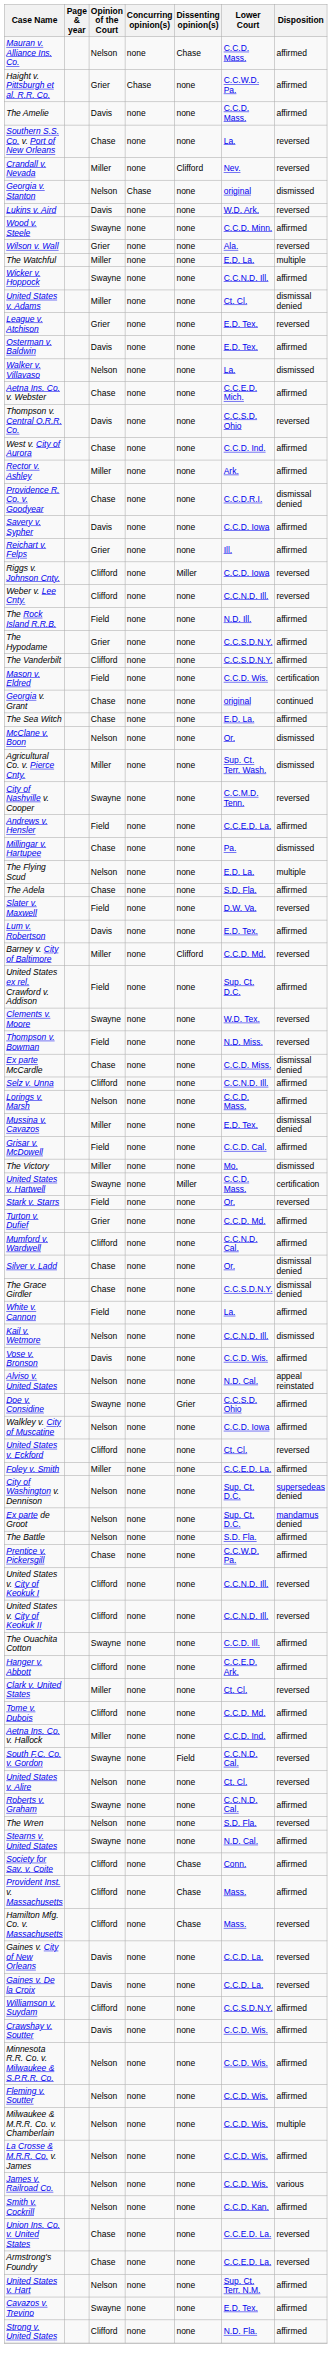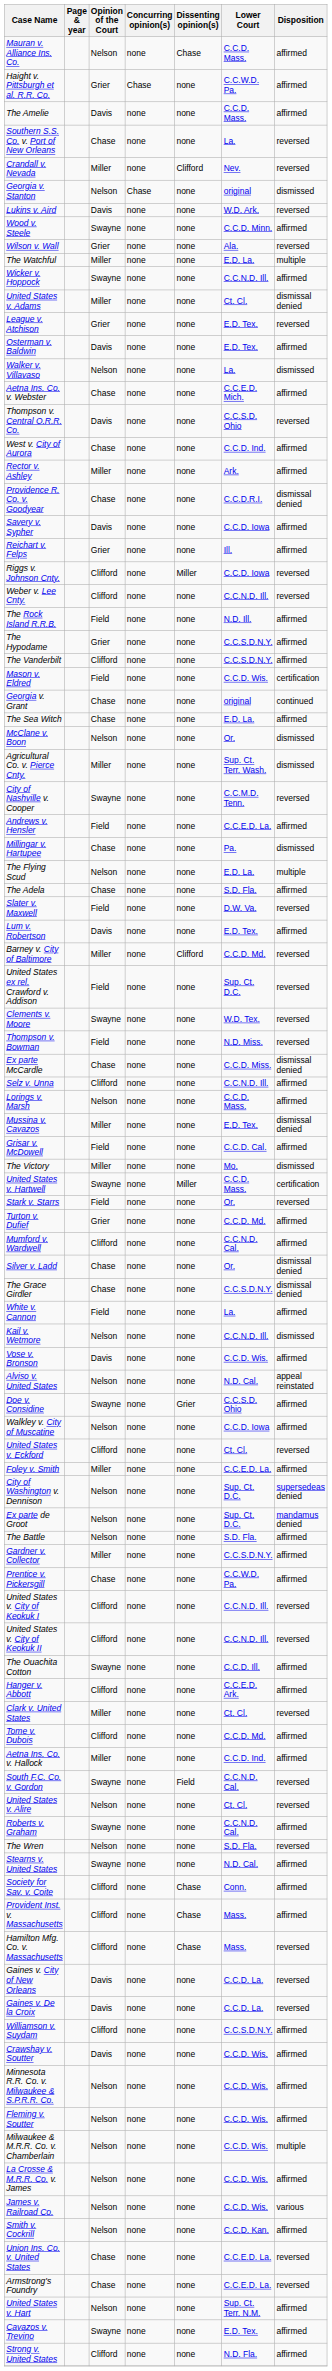 <table class="wikitable sortable">
 <tr>
 <th scope="col" style="width: 380px;">Case Name</th>
 <th scope="col" style="width: 95px;">Page & year</th>
 <th scope="col" style="width: 10px;">Opinion of the Court</th>
 <th scope="col" style="width: 10px;">Concurring opinion(s)</th>
 <th scope="col" style="width: 10px;">Dissenting opinion(s)</th>
 <th scope="col" style="width: 155px;">Lower Court</th>
 <th scope="col" style="width: 133px;">Disposition</th>
 </tr>
 <tr>
 <td><em><a href='#'>Mauran v. Alliance Ins. Co.</a></em></td>
 <td align="right"></td>
 <td>Nelson</td>
 <td>none</td>
 <td>Chase</td>
 <td><a href='#'>C.C.D. Mass.</a></td>
 <td>affirmed</td>
 </tr>
 <tr>
 <td><em>Haight v. <a href='#'>Pittsburgh et al. R.R. Co.</a></em></td>
 <td align="right"></td>
 <td>Grier</td>
 <td>Chase</td>
 <td>none</td>
 <td><a href='#'>C.C.W.D. Pa.</a></td>
 <td>affirmed</td>
 </tr>
 <tr>
 <td><em>The Amelie</em></td>
 <td align="right"></td>
 <td>Davis</td>
 <td>none</td>
 <td>none</td>
 <td><a href='#'>C.C.D. Mass.</a></td>
 <td>affirmed</td>
 </tr>
 <tr>
 <td><em><a href='#'>Southern S.S. Co.</a> v. <a href='#'>Port of New Orleans</a></em></td>
 <td align="right"></td>
 <td>Chase</td>
 <td>none</td>
 <td>none</td>
 <td><a href='#'>La.</a></td>
 <td>reversed</td>
 </tr>
 <tr>
 <td><em><a href='#'>Crandall v. Nevada</a></em></td>
 <td align="right"></td>
 <td>Miller</td>
 <td>none</td>
 <td>Clifford</td>
 <td><a href='#'>Nev.</a></td>
 <td>reversed</td>
 </tr>
 <tr>
 <td><em><a href='#'>Georgia v. Stanton</a></em></td>
 <td align="right"></td>
 <td>Nelson</td>
 <td>Chase</td>
 <td>none</td>
 <td><a href='#'>original</a></td>
 <td>dismissed</td>
 </tr>
 <tr>
 <td><em><a href='#'>Lukins v. Aird</a></em></td>
 <td align="right"></td>
 <td>Davis</td>
 <td>none</td>
 <td>none</td>
 <td><a href='#'>W.D. Ark.</a></td>
 <td>reversed</td>
 </tr>
 <tr>
 <td><em><a href='#'>Wood v. Steele</a></em></td>
 <td align="right"></td>
 <td>Swayne</td>
 <td>none</td>
 <td>none</td>
 <td><a href='#'>C.C.D. Minn.</a></td>
 <td>affirmed</td>
 </tr>
 <tr>
 <td><em><a href='#'>Wilson v. Wall</a></em></td>
 <td align="right"></td>
 <td>Grier</td>
 <td>none</td>
 <td>none</td>
 <td><a href='#'>Ala.</a></td>
 <td>reversed</td>
 </tr>
 <tr>
 <td><em>The Watchful</em></td>
 <td align="right"></td>
 <td>Miller</td>
 <td>none</td>
 <td>none</td>
 <td><a href='#'>E.D. La.</a></td>
 <td>multiple</td>
 </tr>
 <tr>
 <td><em><a href='#'>Wicker v. Hoppock</a></em></td>
 <td align="right"></td>
 <td>Swayne</td>
 <td>none</td>
 <td>none</td>
 <td><a href='#'>C.C.N.D. Ill.</a></td>
 <td>affirmed</td>
 </tr>
 <tr>
 <td><em><a href='#'>United States v. Adams</a></em></td>
 <td align="right"></td>
 <td>Miller</td>
 <td>none</td>
 <td>none</td>
 <td><a href='#'>Ct. Cl.</a></td>
 <td>dismissal denied</td>
 </tr>
 <tr>
 <td><em><a href='#'>League v. Atchison</a></em></td>
 <td align="right"></td>
 <td>Grier</td>
 <td>none</td>
 <td>none</td>
 <td><a href='#'>E.D. Tex.</a></td>
 <td>reversed</td>
 </tr>
 <tr>
 <td><em><a href='#'>Osterman v. Baldwin</a></em></td>
 <td align="right"></td>
 <td>Davis</td>
 <td>none</td>
 <td>none</td>
 <td><a href='#'>E.D. Tex.</a></td>
 <td>affirmed</td>
 </tr>
 <tr>
 <td><em><a href='#'>Walker v. Villavaso</a></em></td>
 <td align="right"></td>
 <td>Nelson</td>
 <td>none</td>
 <td>none</td>
 <td><a href='#'>La.</a></td>
 <td>dismissed</td>
 </tr>
 <tr>
 <td><em><a href='#'>Aetna Ins. Co.</a> v. Webster</em></td>
 <td align="right"></td>
 <td>Chase</td>
 <td>none</td>
 <td>none</td>
 <td><a href='#'>C.C.E.D. Mich.</a></td>
 <td>affirmed</td>
 </tr>
 <tr>
 <td><em>Thompson v. <a href='#'>Central O.R.R. Co.</a></em></td>
 <td align="right"></td>
 <td>Davis</td>
 <td>none</td>
 <td>none</td>
 <td><a href='#'>C.C.S.D. Ohio</a></td>
 <td>reversed</td>
 </tr>
 <tr>
 <td><em>West v. <a href='#'>City of Aurora</a></em></td>
 <td align="right"></td>
 <td>Chase</td>
 <td>none</td>
 <td>none</td>
 <td><a href='#'>C.C.D. Ind.</a></td>
 <td>affirmed</td>
 </tr>
 <tr>
 <td><em><a href='#'>Rector v. Ashley</a></em></td>
 <td align="right"></td>
 <td>Miller</td>
 <td>none</td>
 <td>none</td>
 <td><a href='#'>Ark.</a></td>
 <td>affirmed</td>
 </tr>
 <tr>
 <td><em><a href='#'>Providence R. Co. v. Goodyear</a></em></td>
 <td align="right"></td>
 <td>Chase</td>
 <td>none</td>
 <td>none</td>
 <td><a href='#'>C.C.D.R.I.</a></td>
 <td>dismissal denied</td>
 </tr>
 <tr>
 <td><em><a href='#'>Savery v. Sypher</a></em></td>
 <td align="right"></td>
 <td>Davis</td>
 <td>none</td>
 <td>none</td>
 <td><a href='#'>C.C.D. Iowa</a></td>
 <td>affirmed</td>
 </tr>
 <tr>
 <td><em><a href='#'>Reichart v. Felps</a></em></td>
 <td align="right"></td>
 <td>Grier</td>
 <td>none</td>
 <td>none</td>
 <td><a href='#'>Ill.</a></td>
 <td>affirmed</td>
 </tr>
 <tr>
 <td><em>Riggs v. <a href='#'>Johnson Cnty.</a></em></td>
 <td align="right"></td>
 <td>Clifford</td>
 <td>none</td>
 <td>Miller</td>
 <td><a href='#'>C.C.D. Iowa</a></td>
 <td>reversed</td>
 </tr>
 <tr>
 <td><em>Weber v. <a href='#'>Lee Cnty.</a></em></td>
 <td align="right"></td>
 <td>Clifford</td>
 <td>none</td>
 <td>none</td>
 <td><a href='#'>C.C.N.D. Ill.</a></td>
 <td>reversed</td>
 </tr>
 <tr>
 <td><em>The <a href='#'>Rock Island R.R.B.</a></em></td>
 <td align="right"></td>
 <td>Field</td>
 <td>none</td>
 <td>none</td>
 <td><a href='#'>N.D. Ill.</a></td>
 <td>affirmed</td>
 </tr>
 <tr>
 <td><em>The Hypodame</em></td>
 <td align="right"></td>
 <td>Grier</td>
 <td>none</td>
 <td>none</td>
 <td><a href='#'>C.C.S.D.N.Y.</a></td>
 <td>affirmed</td>
 </tr>
 <tr>
 <td><em>The Vanderbilt</em></td>
 <td align="right"></td>
 <td>Clifford</td>
 <td>none</td>
 <td>none</td>
 <td><a href='#'>C.C.S.D.N.Y.</a></td>
 <td>affirmed</td>
 </tr>
 <tr>
 <td><em><a href='#'>Mason v. Eldred</a></em></td>
 <td align="right"></td>
 <td>Field</td>
 <td>none</td>
 <td>none</td>
 <td><a href='#'>C.C.D. Wis.</a></td>
 <td>certification</td>
 </tr>
 <tr>
 <td><em><a href='#'>Georgia</a> v. Grant</em></td>
 <td align="right"></td>
 <td>Chase</td>
 <td>none</td>
 <td>none</td>
 <td><a href='#'>original</a></td>
 <td>continued</td>
 </tr>
 <tr>
 <td><em>The Sea Witch</em></td>
 <td align="right"></td>
 <td>Chase</td>
 <td>none</td>
 <td>none</td>
 <td><a href='#'>E.D. La.</a></td>
 <td>affirmed</td>
 </tr>
 <tr>
 <td><em><a href='#'>McClane v. Boon</a></em></td>
 <td align="right"></td>
 <td>Nelson</td>
 <td>none</td>
 <td>none</td>
 <td><a href='#'>Or.</a></td>
 <td>dismissed</td>
 </tr>
 <tr>
 <td><em>Agricultural Co. v. <a href='#'>Pierce Cnty.</a></em></td>
 <td align="right"></td>
 <td>Miller</td>
 <td>none</td>
 <td>none</td>
 <td><a href='#'>Sup. Ct. Terr. Wash.</a></td>
 <td>dismissed</td>
 </tr>
 <tr>
 <td><em><a href='#'>City of Nashville</a> v. Cooper</em></td>
 <td align="right"></td>
 <td>Swayne</td>
 <td>none</td>
 <td>none</td>
 <td><a href='#'>C.C.M.D. Tenn.</a></td>
 <td>reversed</td>
 </tr>
 <tr>
 <td><em><a href='#'>Andrews v. Hensler</a></em></td>
 <td align="right"></td>
 <td>Field</td>
 <td>none</td>
 <td>none</td>
 <td><a href='#'>C.C.E.D. La.</a></td>
 <td>affirmed</td>
 </tr>
 <tr>
 <td><em><a href='#'>Millingar v. Hartupee</a></em></td>
 <td align="right"></td>
 <td>Chase</td>
 <td>none</td>
 <td>none</td>
 <td><a href='#'>Pa.</a></td>
 <td>dismissed</td>
 </tr>
 <tr>
 <td><em>The Flying Scud</em></td>
 <td align="right"></td>
 <td>Nelson</td>
 <td>none</td>
 <td>none</td>
 <td><a href='#'>E.D. La.</a></td>
 <td>multiple</td>
 </tr>
 <tr>
 <td><em>The Adela</em></td>
 <td align="right"></td>
 <td>Chase</td>
 <td>none</td>
 <td>none</td>
 <td><a href='#'>S.D. Fla.</a></td>
 <td>affirmed</td>
 </tr>
 <tr>
 <td><em><a href='#'>Slater v. Maxwell</a></em></td>
 <td align="right"></td>
 <td>Field</td>
 <td>none</td>
 <td>none</td>
 <td><a href='#'>D.W. Va.</a></td>
 <td>reversed</td>
 </tr>
 <tr>
 <td><em><a href='#'>Lum v. Robertson</a></em></td>
 <td align="right"></td>
 <td>Davis</td>
 <td>none</td>
 <td>none</td>
 <td><a href='#'>E.D. Tex.</a></td>
 <td>affirmed</td>
 </tr>
 <tr>
 <td><em>Barney v. <a href='#'>City of Baltimore</a></em></td>
 <td align="right"></td>
 <td>Miller</td>
 <td>none</td>
 <td>Clifford</td>
 <td><a href='#'>C.C.D. Md.</a></td>
 <td>reversed</td>
 </tr>
 <tr>
 <td><em>United States <a href='#'>ex rel.</a> Crawford v. Addison</em></td>
 <td align="right"></td>
 <td>Field</td>
 <td>none</td>
 <td>none</td>
 <td><a href='#'>Sup. Ct. D.C.</a></td>
-<td>affirmed</td>
+<td>reversed</td>
 </tr>
 <tr>
 <td><em><a href='#'>Clements v. Moore</a></em></td>
 <td align="right"></td>
 <td>Swayne</td>
 <td>none</td>
 <td>none</td>
 <td><a href='#'>W.D. Tex.</a></td>
 <td>reversed</td>
 </tr>
 <tr>
 <td><em><a href='#'>Thompson v. Bowman</a></em></td>
 <td align="right"></td>
 <td>Field</td>
 <td>none</td>
 <td>none</td>
 <td><a href='#'>N.D. Miss.</a></td>
 <td>reversed</td>
 </tr>
 <tr>
 <td><em><a href='#'>Ex parte</a> McCardle</em></td>
 <td align="right"></td>
 <td>Chase</td>
 <td>none</td>
 <td>none</td>
 <td><a href='#'>C.C.D. Miss.</a></td>
 <td>dismissal denied</td>
 </tr>
 <tr>
 <td><em><a href='#'>Selz v. Unna</a></em></td>
 <td align="right"></td>
 <td>Clifford</td>
 <td>none</td>
 <td>none</td>
 <td><a href='#'>C.C.N.D. Ill.</a></td>
 <td>affirmed</td>
 </tr>
 <tr>
 <td><em><a href='#'>Lorings v. Marsh</a></em></td>
 <td align="right"></td>
 <td>Nelson</td>
 <td>none</td>
 <td>none</td>
 <td><a href='#'>C.C.D. Mass.</a></td>
 <td>affirmed</td>
 </tr>
 <tr>
 <td><em><a href='#'>Mussina v. Cavazos</a></em></td>
 <td align="right"></td>
 <td>Miller</td>
 <td>none</td>
 <td>none</td>
 <td><a href='#'>E.D. Tex.</a></td>
 <td>dismissal denied</td>
 </tr>
 <tr>
 <td><em><a href='#'>Grisar v. McDowell</a></em></td>
 <td align="right"></td>
 <td>Field</td>
 <td>none</td>
 <td>none</td>
 <td><a href='#'>C.C.D. Cal.</a></td>
 <td>affirmed</td>
 </tr>
 <tr>
 <td><em>The Victory</em></td>
 <td align="right"></td>
 <td>Miller</td>
 <td>none</td>
 <td>none</td>
 <td><a href='#'>Mo.</a></td>
 <td>dismissed</td>
 </tr>
 <tr>
 <td><em><a href='#'>United States v. Hartwell</a></em></td>
 <td align="right"></td>
 <td>Swayne</td>
 <td>none</td>
 <td>Miller</td>
 <td><a href='#'>C.C.D. Mass.</a></td>
 <td>certification</td>
 </tr>
 <tr>
 <td><em><a href='#'>Stark v. Starrs</a></em></td>
 <td align="right"></td>
 <td>Field</td>
 <td>none</td>
 <td>none</td>
 <td><a href='#'>Or.</a></td>
 <td>reversed</td>
 </tr>
 <tr>
 <td><em><a href='#'>Turton v. Dufief</a></em></td>
 <td align="right"></td>
 <td>Grier</td>
 <td>none</td>
 <td>none</td>
 <td><a href='#'>C.C.D. Md.</a></td>
 <td>affirmed</td>
 </tr>
 <tr>
 <td><em><a href='#'>Mumford v. Wardwell</a></em></td>
 <td align="right"></td>
 <td>Clifford</td>
 <td>none</td>
 <td>none</td>
 <td><a href='#'>C.C.N.D. Cal.</a></td>
 <td>affirmed</td>
 </tr>
 <tr>
 <td><em><a href='#'>Silver v. Ladd</a></em></td>
 <td align="right"></td>
 <td>Chase</td>
 <td>none</td>
 <td>none</td>
 <td><a href='#'>Or.</a></td>
 <td>dismissal denied</td>
 </tr>
 <tr>
 <td><em>The Grace Girdler</em></td>
 <td align="right"></td>
 <td>Chase</td>
 <td>none</td>
 <td>none</td>
 <td><a href='#'>C.C.S.D.N.Y.</a></td>
 <td>dismissal denied</td>
 </tr>
 <tr>
 <td><em><a href='#'>White v. Cannon</a></em></td>
 <td align="right"></td>
 <td>Field</td>
 <td>none</td>
 <td>none</td>
 <td><a href='#'>La.</a></td>
 <td>affirmed</td>
 </tr>
 <tr>
 <td><em><a href='#'>Kail v. Wetmore</a></em></td>
 <td align="right"></td>
 <td>Nelson</td>
 <td>none</td>
 <td>none</td>
 <td><a href='#'>C.C.N.D. Ill.</a></td>
 <td>dismissed</td>
 </tr>
 <tr>
 <td><em><a href='#'>Vose v. Bronson</a></em></td>
 <td align="right"></td>
 <td>Davis</td>
 <td>none</td>
 <td>none</td>
 <td><a href='#'>C.C.D. Wis.</a></td>
 <td>affirmed</td>
 </tr>
 <tr>
 <td><em><a href='#'>Alviso v. United States</a></em></td>
 <td align="right"></td>
 <td>Nelson</td>
 <td>none</td>
 <td>none</td>
 <td><a href='#'>N.D. Cal.</a></td>
 <td>appeal reinstated</td>
 </tr>
 <tr>
 <td><em><a href='#'>Doe v. Considine</a></em></td>
 <td align="right"></td>
 <td>Swayne</td>
 <td>none</td>
 <td>Grier</td>
 <td><a href='#'>C.C.S.D. Ohio</a></td>
 <td>affirmed</td>
 </tr>
 <tr>
 <td><em>Walkley v. <a href='#'>City of Muscatine</a></em></td>
 <td align="right"></td>
 <td>Nelson</td>
 <td>none</td>
 <td>none</td>
 <td><a href='#'>C.C.D. Iowa</a></td>
 <td>affirmed</td>
 </tr>
 <tr>
 <td><em><a href='#'>United States v. Eckford</a></em></td>
 <td align="right"></td>
 <td>Clifford</td>
 <td>none</td>
 <td>none</td>
 <td><a href='#'>Ct. Cl.</a></td>
 <td>reversed</td>
 </tr>
 <tr>
 <td><em><a href='#'>Foley v. Smith</a></em></td>
 <td align="right"></td>
 <td>Miller</td>
 <td>none</td>
 <td>none</td>
 <td><a href='#'>C.C.E.D. La.</a></td>
 <td>affirmed</td>
 </tr>
 <tr>
 <td><em><a href='#'>City of Washington</a> v. Dennison</em></td>
 <td align="right"></td>
 <td>Nelson</td>
 <td>none</td>
 <td>none</td>
 <td><a href='#'>Sup. Ct. D.C.</a></td>
 <td><a href='#'>supersedeas</a> denied</td>
 </tr>
 <tr>
 <td><em><a href='#'>Ex parte</a> de Groot</em></td>
 <td align="right"></td>
 <td>Nelson</td>
 <td>none</td>
 <td>none</td>
 <td><a href='#'>Sup. Ct. D.C.</a></td>
 <td><a href='#'>mandamus</a> denied</td>
 </tr>
 <tr>
 <td><em>The Battle</em></td>
 <td align="right"></td>
 <td>Nelson</td>
 <td>none</td>
 <td>none</td>
 <td><a href='#'>S.D. Fla.</a></td>
+<td>affirmed</td>
+</tr>
+<tr>
+<td><em><a href='#'>Gardner v. Collector</a></em></td>
+<td align="right"></td>
+<td>Miller</td>
+<td>none</td>
+<td>none</td>
+<td><a href='#'>C.C.S.D.N.Y.</a></td>
 <td>affirmed</td>
 </tr>
 <tr>
 <td><em><a href='#'>Prentice v. Pickersgill</a></em></td>
 <td align="right"></td>
 <td>Chase</td>
 <td>none</td>
 <td>none</td>
 <td><a href='#'>C.C.W.D. Pa.</a></td>
 <td>affirmed</td>
 </tr>
 <tr>
 <td><em>United States v. <a href='#'>City of Keokuk I</a></em></td>
 <td align="right"></td>
 <td>Clifford</td>
 <td>none</td>
 <td>none</td>
 <td><a href='#'>C.C.N.D. Ill.</a></td>
 <td>reversed</td>
 </tr>
 <tr>
 <td><em>United States v. <a href='#'>City of Keokuk II</a></em></td>
 <td align="right"></td>
 <td>Clifford</td>
 <td>none</td>
 <td>none</td>
 <td><a href='#'>C.C.N.D. Ill.</a></td>
 <td>reversed</td>
 </tr>
 <tr>
 <td><em>The Ouachita Cotton</em></td>
 <td align="right"></td>
 <td>Swayne</td>
 <td>none</td>
 <td>none</td>
 <td><a href='#'>C.C.D. Ill.</a></td>
 <td>affirmed</td>
 </tr>
 <tr>
 <td><em><a href='#'>Hanger v. Abbott</a></em></td>
 <td align="right"></td>
 <td>Clifford</td>
 <td>none</td>
 <td>none</td>
 <td><a href='#'>C.C.E.D. Ark.</a></td>
 <td>affirmed</td>
 </tr>
 <tr>
 <td><em><a href='#'>Clark v. United States</a></em></td>
 <td align="right"></td>
 <td>Miller</td>
 <td>none</td>
 <td>none</td>
 <td><a href='#'>Ct. Cl.</a></td>
 <td>reversed</td>
 </tr>
 <tr>
 <td><em><a href='#'>Tome v. Dubois</a></em></td>
 <td align="right"></td>
 <td>Clifford</td>
 <td>none</td>
 <td>none</td>
 <td><a href='#'>C.C.D. Md.</a></td>
 <td>affirmed</td>
 </tr>
 <tr>
 <td><em><a href='#'>Aetna Ins. Co.</a> v. Hallock</em></td>
 <td align="right"></td>
 <td>Miller</td>
 <td>none</td>
 <td>none</td>
 <td><a href='#'>C.C.D. Ind.</a></td>
 <td>affirmed</td>
 </tr>
 <tr>
 <td><em><a href='#'>South F.C. Co. v. Gordon</a></em></td>
 <td align="right"></td>
 <td>Swayne</td>
 <td>none</td>
 <td>Field</td>
 <td><a href='#'>C.C.N.D. Cal.</a></td>
 <td>reversed</td>
 </tr>
 <tr>
 <td><em><a href='#'>United States v. Alire</a></em></td>
 <td align="right"></td>
 <td>Nelson</td>
 <td>none</td>
 <td>none</td>
 <td><a href='#'>Ct. Cl.</a></td>
 <td>reversed</td>
 </tr>
 <tr>
 <td><em><a href='#'>Roberts v. Graham</a></em></td>
 <td align="right"></td>
 <td>Swayne</td>
 <td>none</td>
 <td>none</td>
 <td><a href='#'>C.C.N.D. Cal.</a></td>
 <td>affirmed</td>
 </tr>
 <tr>
 <td><em>The Wren</em></td>
 <td align="right"></td>
 <td>Nelson</td>
 <td>none</td>
 <td>none</td>
 <td><a href='#'>S.D. Fla.</a></td>
 <td>reversed</td>
 </tr>
 <tr>
 <td><em><a href='#'>Stearns v. United States</a></em></td>
 <td align="right"></td>
 <td>Swayne</td>
 <td>none</td>
 <td>none</td>
 <td><a href='#'>N.D. Cal.</a></td>
 <td>affirmed</td>
 </tr>
 <tr>
 <td><em><a href='#'>Society for Sav. v. Coite</a></em></td>
 <td align="right"></td>
 <td>Clifford</td>
 <td>none</td>
 <td>Chase</td>
 <td><a href='#'>Conn.</a></td>
 <td>affirmed</td>
 </tr>
 <tr>
 <td><em><a href='#'>Provident Inst.</a> v. <a href='#'>Massachusetts</a></em></td>
 <td align="right"></td>
 <td>Clifford</td>
 <td>none</td>
 <td>Chase</td>
 <td><a href='#'>Mass.</a></td>
 <td>affirmed</td>
 </tr>
 <tr>
 <td><em>Hamilton Mfg. Co. v. <a href='#'>Massachusetts</a></em></td>
 <td align="right"></td>
 <td>Clifford</td>
 <td>none</td>
 <td>Chase</td>
 <td><a href='#'>Mass.</a></td>
 <td>reversed</td>
 </tr>
 <tr>
 <td><em>Gaines v. <a href='#'>City of New Orleans</a></em></td>
 <td align="right"></td>
 <td>Davis</td>
 <td>none</td>
 <td>none</td>
 <td><a href='#'>C.C.D. La.</a></td>
 <td>reversed</td>
 </tr>
 <tr>
 <td><em><a href='#'>Gaines v. De la Croix</a></em></td>
 <td align="right"></td>
 <td>Davis</td>
 <td>none</td>
 <td>none</td>
 <td><a href='#'>C.C.D. La.</a></td>
 <td>reversed</td>
 </tr>
 <tr>
 <td><em><a href='#'>Williamson v. Suydam</a></em></td>
 <td align="right"></td>
 <td>Clifford</td>
 <td>none</td>
 <td>none</td>
 <td><a href='#'>C.C.S.D.N.Y.</a></td>
 <td>affirmed</td>
 </tr>
 <tr>
 <td><em><a href='#'>Crawshay v. Soutter</a></em></td>
 <td align="right"></td>
 <td>Davis</td>
 <td>none</td>
 <td>none</td>
 <td><a href='#'>C.C.D. Wis.</a></td>
 <td>affirmed</td>
 </tr>
 <tr>
 <td><em>Minnesota R.R. Co. v. <a href='#'>Milwaukee & S.P.R.R. Co.</a></em></td>
 <td align="right"></td>
 <td>Nelson</td>
 <td>none</td>
 <td>none</td>
 <td><a href='#'>C.C.D. Wis.</a></td>
 <td>affirmed</td>
 </tr>
 <tr>
 <td><em><a href='#'>Fleming v. Soutter</a></em></td>
 <td align="right"></td>
 <td>Nelson</td>
 <td>none</td>
 <td>none</td>
 <td><a href='#'>C.C.D. Wis.</a></td>
 <td>affirmed</td>
 </tr>
 <tr>
 <td><em>Milwaukee & M.R.R. Co. v. Chamberlain</em></td>
 <td align="right"></td>
 <td>Nelson</td>
 <td>none</td>
 <td>none</td>
 <td><a href='#'>C.C.D. Wis.</a></td>
 <td>multiple</td>
 </tr>
 <tr>
 <td><em><a href='#'>La Crosse & M.R.R. Co.</a> v. James</em></td>
 <td align="right"></td>
 <td>Nelson</td>
 <td>none</td>
 <td>none</td>
 <td><a href='#'>C.C.D. Wis.</a></td>
 <td>affirmed</td>
 </tr>
 <tr>
 <td><em><a href='#'>James v. Railroad Co.</a></em></td>
 <td align="right"></td>
 <td>Nelson</td>
 <td>none</td>
 <td>none</td>
 <td><a href='#'>C.C.D. Wis.</a></td>
 <td>various</td>
 </tr>
 <tr>
 <td><em><a href='#'>Smith v. Cockrill</a></em></td>
 <td align="right"></td>
 <td>Nelson</td>
 <td>none</td>
 <td>none</td>
 <td><a href='#'>C.C.D. Kan.</a></td>
 <td>affirmed</td>
 </tr>
 <tr>
 <td><em><a href='#'>Union Ins. Co. v. United States</a></em></td>
 <td align="right"></td>
 <td>Chase</td>
 <td>none</td>
 <td>none</td>
 <td><a href='#'>C.C.E.D. La.</a></td>
 <td>reversed</td>
 </tr>
 <tr>
 <td><em>Armstrong's Foundry</em></td>
 <td align="right"></td>
 <td>Chase</td>
 <td>none</td>
 <td>none</td>
 <td><a href='#'>C.C.E.D. La.</a></td>
 <td>reversed</td>
 </tr>
 <tr>
 <td><em><a href='#'>United States v. Hart</a></em></td>
 <td align="right"></td>
 <td>Nelson</td>
 <td>none</td>
 <td>none</td>
 <td><a href='#'>Sup. Ct. Terr. N.M.</a></td>
 <td>affirmed</td>
 </tr>
 <tr>
 <td><em><a href='#'>Cavazos v. Trevino</a></em></td>
 <td align="right"></td>
 <td>Swayne</td>
 <td>none</td>
 <td>none</td>
 <td><a href='#'>E.D. Tex.</a></td>
 <td>affirmed</td>
 </tr>
 <tr>
 <td><em><a href='#'>Strong v. United States</a></em></td>
 <td align="right"></td>
 <td>Clifford</td>
 <td>none</td>
 <td>none</td>
 <td><a href='#'>N.D. Fla.</a></td>
 <td>affirmed</td>
 </tr>
 <tr>
 </tr>
 </table>
